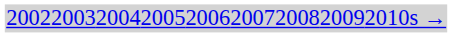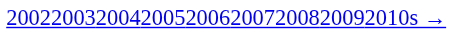 <table id="toc" class="toc" summary="Contents">
 <tr>
 <th></th>
 </tr>
 <tr>
-<td align="center" style="background: lightgrey;"><a href='#'>2002</a><a href='#'>2003</a><a href='#'>2004</a><a href='#'>2005</a><a href='#'>2006</a><a href='#'>2007</a><a href='#'>2008</a><a href='#'>2009</a><a href='#'>2010s →</a></td>
+<td align="center"><a href='#'>2002</a><a href='#'>2003</a><a href='#'>2004</a><a href='#'>2005</a><a href='#'>2006</a><a href='#'>2007</a><a href='#'>2008</a><a href='#'>2009</a><a href='#'>2010s →</a></td>
 </tr>
 </table>
